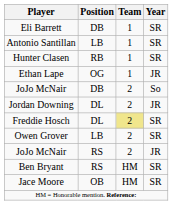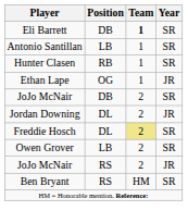 <table class="wikitable sortable sortable" style="text-align: center">
 <tr align=center>
 <th>Player</th>
 <th>Position</th>
 <th>Team</th>
 <th>Year</th>
 </tr>
 <tr>
 <td>Eli Barrett</td>
 <td>DB</td>
-<td>1</td>
+<td><strong>1</strong></td>
 <td>SR</td>
 </tr>
 <tr>
 <td>Antonio Santillan</td>
 <td>LB</td>
 <td>1</td>
 <td>SR</td>
 </tr>
 <tr>
 <td>Hunter Clasen</td>
 <td>RB</td>
 <td>1</td>
 <td>SR</td>
 </tr>
 <tr>
 <td>Ethan Lape</td>
 <td>OG</td>
 <td>1</td>
 <td>JR</td>
 </tr>
 <tr>
 <td>JoJo McNair</td>
 <td>DB</td>
 <td>2</td>
-<td>So</td>
+<td>SR</td>
 </tr>
 <tr>
 <td>Jordan Downing</td>
 <td>DL</td>
 <td>2</td>
 <td>JR</td>
 </tr>
 <tr>
 <td>Freddie Hosch</td>
 <td>DL</td>
 <td style="background: khaki;">2</td>
 <td>SR</td>
 </tr>
 <tr>
 <td>Owen Grover</td>
 <td>LB</td>
 <td>2</td>
 <td>SR</td>
 </tr>
 <tr>
 <td>JoJo McNair</td>
 <td>RS</td>
 <td>2</td>
 <td>JR</td>
 </tr>
 <tr>
 <td>Ben Bryant</td>
 <td>RS</td>
 <td>HM</td>
 <td>SR</td>
 </tr>
-<tr>
-<td>Jace Moore</td>
-<td>OB</td>
-<td>HM</td>
-<td>SR</td>
-</tr>
 <tr class="sortbottom">
 <td colspan="4"  style="font-size:8pt; text-align:center;">HM = Honorable mention. <strong>Reference:</strong></td>
 </tr>
 </table>
